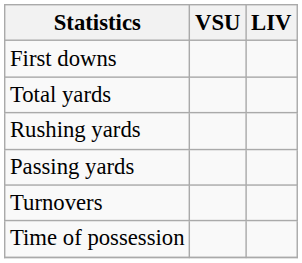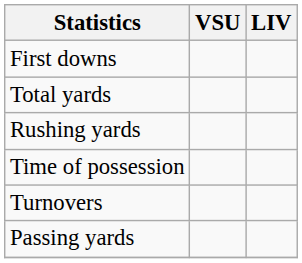 <table class="wikitable">
 <tr>
 <th>Statistics</th>
 <th>VSU</th>
 <th>LIV</th>
 </tr>
 <tr>
 <td>First downs</td>
 <td></td>
 <td></td>
 </tr>
 <tr>
 <td>Total yards</td>
 <td></td>
 <td></td>
 </tr>
 <tr>
 <td>Rushing yards</td>
 <td></td>
 <td></td>
 </tr>
 <tr>
-<td>Passing yards</td>
+<td>Time of possession</td>
 <td></td>
 <td></td>
 </tr>
 <tr>
 <td>Turnovers</td>
 <td></td>
 <td></td>
 </tr>
 <tr>
-<td>Time of possession</td>
+<td>Passing yards</td>
 <td></td>
 <td></td>
 </tr>
 <tr>
 </tr>
 </table>
